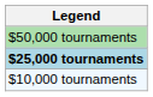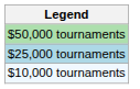 <table class=wikitable style="font-size:85%">
 <tr>
 <th>Legend</th>
 </tr>
 <tr style="background:#addfad;">
 <td>$50,000 tournaments</td>
 </tr>
 <tr style="background:lightblue;">
-<td><strong>$25,000 tournaments</strong></td>
+<td>$25,000 tournaments</td>
 </tr>
 <tr style="background:#f0f8ff;">
 <td>$10,000 tournaments</td>
 </tr>
 </table>
